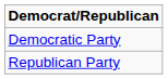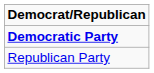 <table class="wikitable">
 <tr>
 <td><strong>Democrat/Republican</strong></td>
 </tr>
 <tr>
-<td><a href='#'>Democratic Party</a></td>
+<td><strong><a href='#'>Democratic Party</a></strong></td>
 </tr>
 <tr>
 <td><a href='#'>Republican Party</a></td>
 </tr>
 </table>
